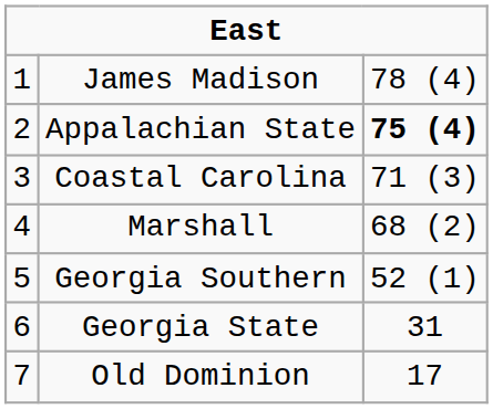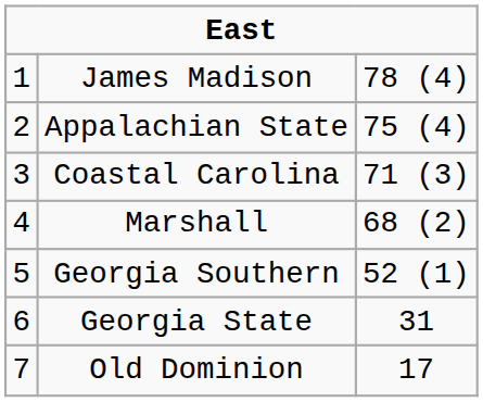 <table class="wikitable" style="display: inline-table;">
 <tr align="center">
 <td align="center" Colspan="3"><strong>East</strong><br></td>
 </tr>
 <tr align="center">
 <td>1</td>
 <td>James Madison</td>
 <td>78 (4)</td>
 </tr>
 <tr align="center">
 <td>2</td>
 <td>Appalachian State</td>
-<td><strong>75 (4)</strong></td>
+<td>75 (4)</td>
 </tr>
 <tr align="center">
 <td>3</td>
 <td>Coastal Carolina</td>
 <td>71 (3)</td>
 </tr>
 <tr align="center">
 <td>4</td>
 <td>Marshall</td>
 <td>68 (2)</td>
 </tr>
 <tr align="center">
 <td>5</td>
 <td>Georgia Southern</td>
 <td>52 (1)</td>
 </tr>
 <tr align="center">
 <td>6</td>
 <td>Georgia State</td>
 <td>31</td>
 </tr>
 <tr align="center">
 <td>7</td>
 <td>Old Dominion</td>
 <td>17</td>
 </tr>
 </table>
